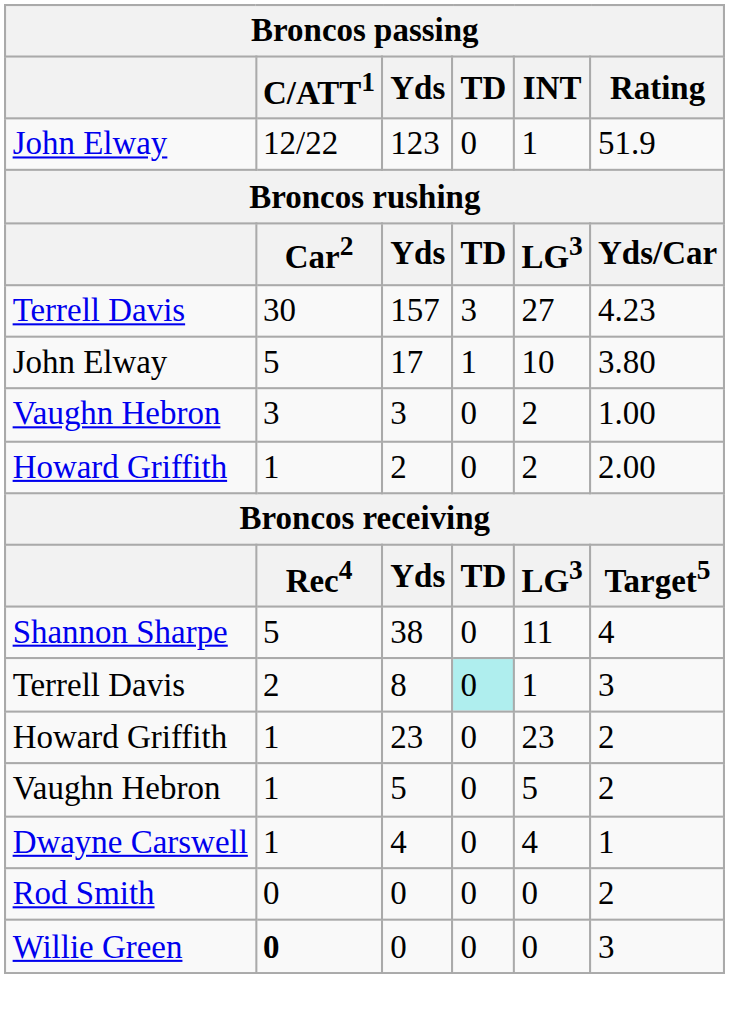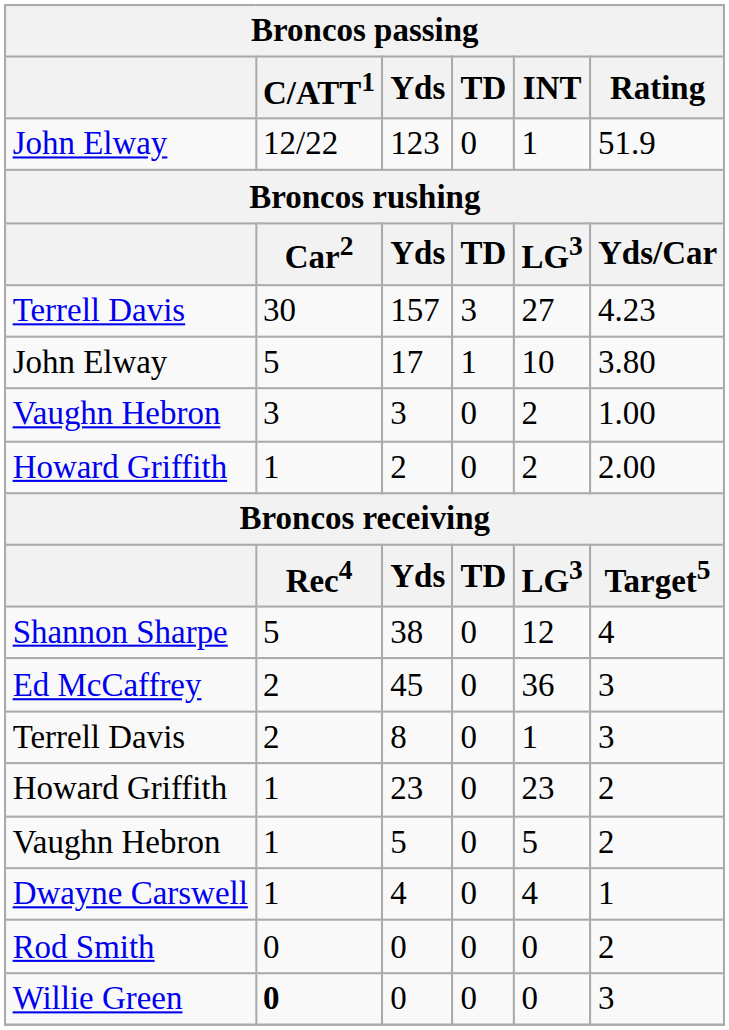 <table class="wikitable">
 <tr>
 <th colspan="6">Broncos passing</th>
 </tr>
 <tr>
 <th></th>
 <th>C/ATT<sup>1</sup></th>
 <th>Yds</th>
 <th>TD</th>
 <th>INT</th>
 <th>Rating</th>
 </tr>
 <tr>
 <td><a href='#'>John Elway</a></td>
 <td>12/22</td>
 <td>123</td>
 <td>0</td>
 <td>1</td>
 <td>51.9</td>
 </tr>
 <tr>
 <th colspan="6">Broncos rushing</th>
 </tr>
 <tr>
 <th></th>
 <th>Car<sup>2</sup></th>
 <th>Yds</th>
 <th>TD</th>
 <th>LG<sup>3</sup></th>
 <th>Yds/Car</th>
 </tr>
 <tr>
 <td><a href='#'>Terrell Davis</a></td>
 <td>30</td>
 <td>157</td>
 <td>3</td>
 <td>27</td>
 <td>4.23</td>
 </tr>
 <tr>
 <td>John Elway</td>
 <td>5</td>
 <td>17</td>
 <td>1</td>
 <td>10</td>
 <td>3.80</td>
 </tr>
 <tr>
 <td><a href='#'>Vaughn Hebron</a></td>
 <td>3</td>
 <td>3</td>
 <td>0</td>
 <td>2</td>
 <td>1.00</td>
 </tr>
 <tr>
 <td><a href='#'>Howard Griffith</a></td>
 <td>1</td>
 <td>2</td>
 <td>0</td>
 <td>2</td>
 <td>2.00</td>
 </tr>
 <tr>
 <th colspan="6">Broncos receiving</th>
 </tr>
 <tr>
 <th></th>
 <th>Rec<sup>4</sup></th>
 <th>Yds</th>
 <th>TD</th>
 <th>LG<sup>3</sup></th>
 <th>Target<sup>5</sup></th>
 </tr>
 <tr>
 <td><a href='#'>Shannon Sharpe</a></td>
 <td>5</td>
 <td>38</td>
 <td>0</td>
-<td>11</td>
+<td>12</td>
 <td>4</td>
+</tr>
+<tr>
+<td><a href='#'>Ed McCaffrey</a></td>
+<td>2</td>
+<td>45</td>
+<td>0</td>
+<td>36</td>
+<td>3</td>
 </tr>
 <tr>
 <td>Terrell Davis</td>
 <td>2</td>
 <td>8</td>
-<td style="background: paleturquoise;">0</td>
+<td>0</td>
 <td>1</td>
 <td>3</td>
 </tr>
 <tr>
 <td>Howard Griffith</td>
 <td>1</td>
 <td>23</td>
 <td>0</td>
 <td>23</td>
 <td>2</td>
 </tr>
 <tr>
 <td>Vaughn Hebron</td>
 <td>1</td>
 <td>5</td>
 <td>0</td>
 <td>5</td>
 <td>2</td>
 </tr>
 <tr>
 <td><a href='#'>Dwayne Carswell</a></td>
 <td>1</td>
 <td>4</td>
 <td>0</td>
 <td>4</td>
 <td>1</td>
 </tr>
 <tr>
 <td><a href='#'>Rod Smith</a></td>
 <td>0</td>
 <td>0</td>
 <td>0</td>
 <td>0</td>
 <td>2</td>
 </tr>
 <tr>
 <td><a href='#'>Willie Green</a></td>
 <td><strong>0</strong></td>
 <td>0</td>
 <td>0</td>
 <td>0</td>
 <td>3</td>
 </tr>
 <tr>
 </tr>
 </table>
